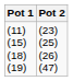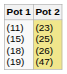 <table class=wikitable>
 <tr>
 <th width=50%>Pot 1</th>
 <th width=50%>Pot 2</th>
 </tr>
 <tr valign=top>
 <td> (11)<br> (15)<br> (18)<br> (19)</td>
-<td> (23)<br> (25)<br> (26)<br> (47)</td>
+<td style="background: khaki;"> (23)<br> (25)<br> (26)<br> (47)</td>
 </tr>
 </table>
